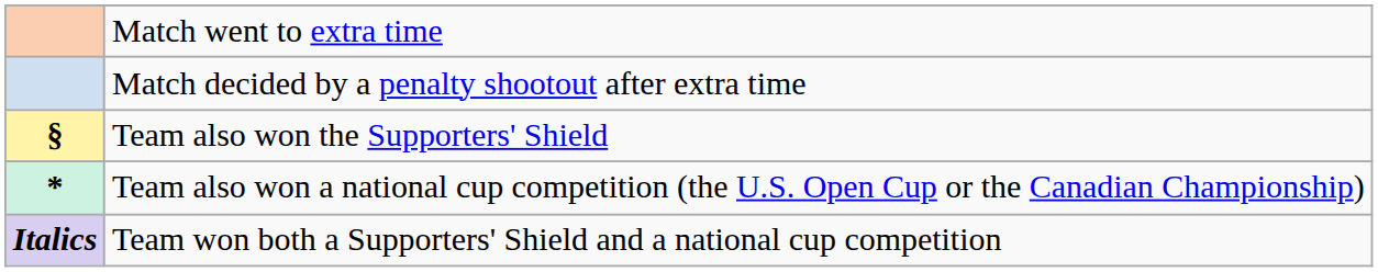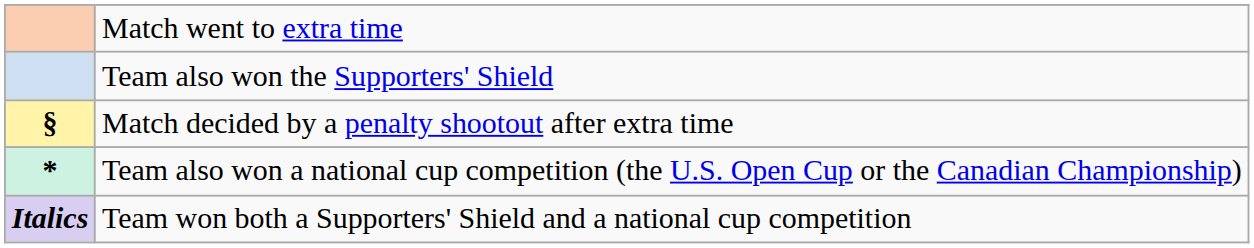 <table class="wikitable plainrowheaders">
 <tr>
 <th scope="row" style="text-align:center; background:#fbceb1"></th>
 <td>Match went to <a href='#'>extra time</a></td>
 </tr>
 <tr>
 <th scope="row" style="text-align:center; background:#cedff2"></th>
-<td>Match decided by a <a href='#'>penalty shootout</a> after extra time</td>
+<td>Team also won the <a href='#'>Supporters' Shield</a></td>
 </tr>
 <tr>
 <th scope="row" style="text-align:center; background:#fff4a7">§</th>
-<td>Team also won the <a href='#'>Supporters' Shield</a></td>
+<td>Match decided by a <a href='#'>penalty shootout</a> after extra time</td>
 </tr>
 <tr>
 <th scope="row" style="text-align:center; background:#cef2e1">*</th>
 <td>Team also won a national cup competition (the <a href='#'>U.S. Open Cup</a> or the <a href='#'>Canadian Championship</a>)</td>
 </tr>
 <tr>
 <th scope="row" style="text-align:center; background:#d8cef2"><em>Italics</em></th>
 <td>Team won both a Supporters' Shield and a national cup competition</td>
 </tr>
 </table>
